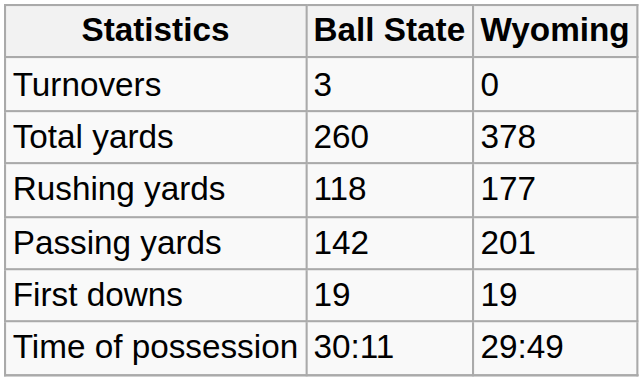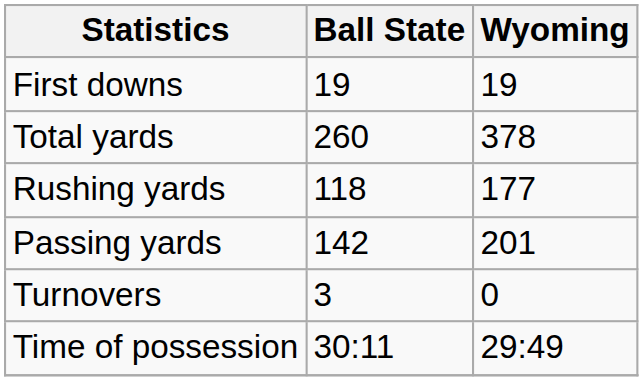 <table class="wikitable">
 <tr>
 <th>Statistics</th>
 <th>Ball State</th>
 <th>Wyoming</th>
 </tr>
 <tr>
-<td>Turnovers</td>
-<td>3</td>
-<td>0</td>
+<td>First downs</td>
+<td>19</td>
+<td>19</td>
 </tr>
 <tr>
 <td>Total yards</td>
 <td>260</td>
 <td>378</td>
 </tr>
 <tr>
 <td>Rushing yards</td>
 <td>118</td>
 <td>177</td>
 </tr>
 <tr>
 <td>Passing yards</td>
 <td>142</td>
 <td>201</td>
 </tr>
 <tr>
-<td>First downs</td>
-<td>19</td>
-<td>19</td>
+<td>Turnovers</td>
+<td>3</td>
+<td>0</td>
 </tr>
 <tr>
 <td>Time of possession</td>
 <td>30:11</td>
 <td>29:49</td>
 </tr>
 <tr>
 </tr>
 </table>
